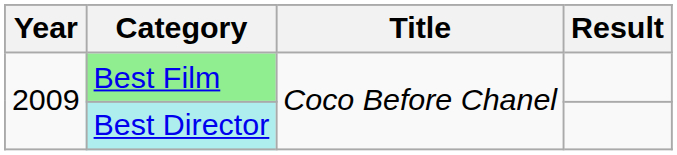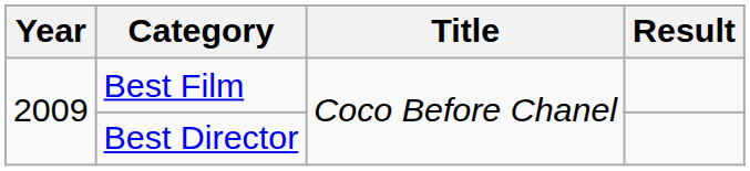 <table class="wikitable">
 <tr>
 <th>Year</th>
 <th>Category</th>
 <th>Title</th>
 <th>Result</th>
 </tr>
 <tr>
 <td rowspan=2>2009</td>
-<td style="background: lightgreen;"><a href='#'>Best Film</a></td>
+<td><a href='#'>Best Film</a></td>
 <td rowspan=2><em>Coco Before Chanel</em></td>
 <td></td>
 </tr>
 <tr>
-<td style="background: paleturquoise;"><a href='#'>Best Director</a></td>
+<td><a href='#'>Best Director</a></td>
 <td></td>
 </tr>
 </table>
